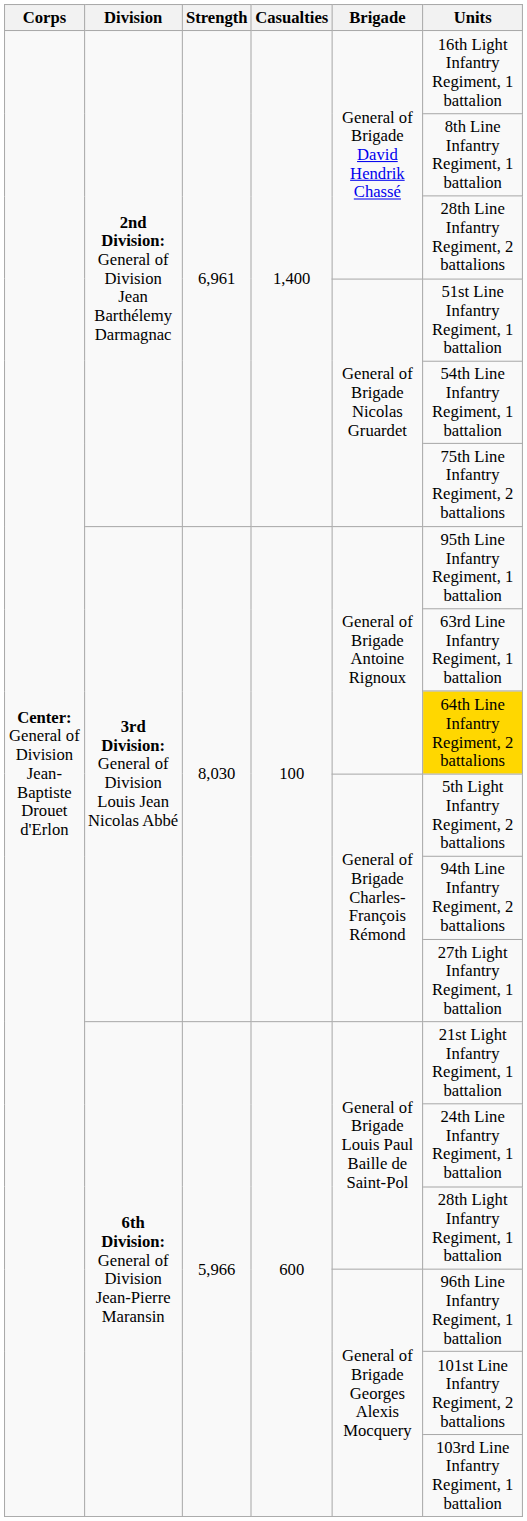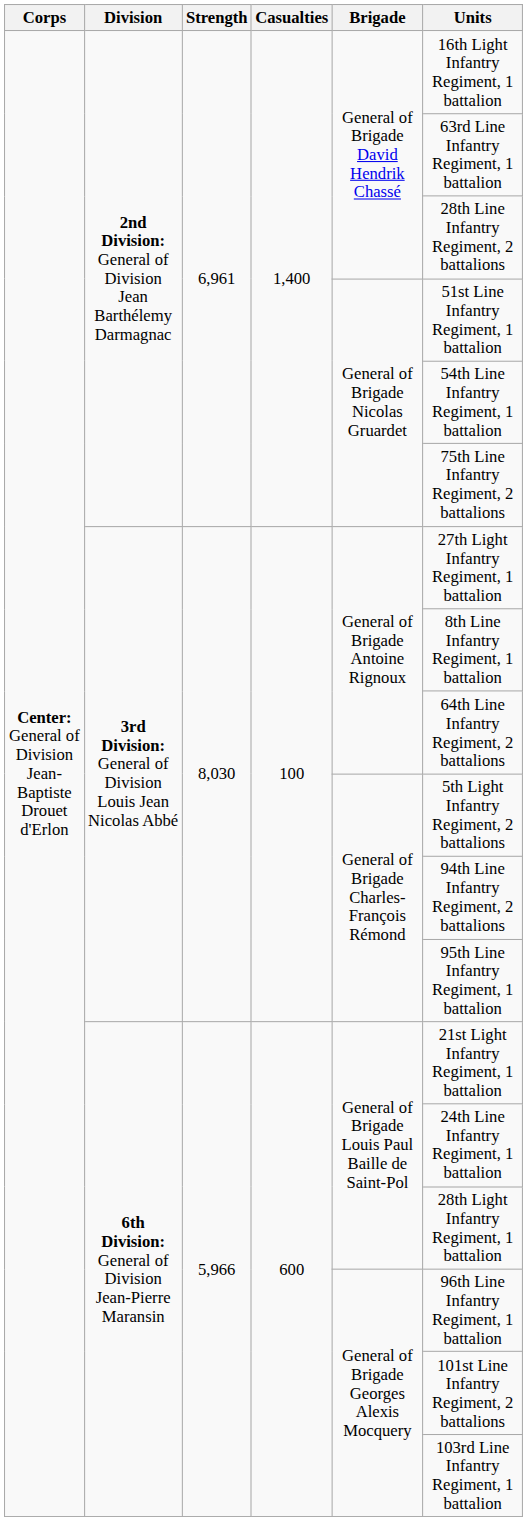 <table class="wikitable" style="text-align:center; width:80%;">
 <tr>
 <th>Corps</th>
 <th>Division</th>
 <th>Strength</th>
 <th>Casualties</th>
 <th>Brigade</th>
 <th>Units</th>
 </tr>
 <tr>
 <td ROWSPAN=18><strong>Center:</strong><br>General of Division<br>Jean-Baptiste Drouet d'Erlon</td>
 <td ROWSPAN=6><strong>2nd Division:</strong><br>General of Division<br>Jean Barthélemy Darmagnac</td>
 <td ROWSPAN=6>6,961</td>
 <td ROWSPAN=6>1,400</td>
 <td ROWSPAN=3>General of Brigade<br><a href='#'>David Hendrik Chassé</a></td>
 <td>16th Light Infantry Regiment, 1 battalion</td>
 </tr>
 <tr>
-<td>8th Line Infantry Regiment, 1 battalion</td>
+<td>63rd Line Infantry Regiment, 1 battalion</td>
 </tr>
 <tr>
 <td>28th Line Infantry Regiment, 2 battalions</td>
 </tr>
 <tr>
 <td ROWSPAN=3>General of Brigade<br>Nicolas Gruardet</td>
 <td>51st Line Infantry Regiment, 1 battalion</td>
 </tr>
 <tr>
 <td>54th Line Infantry Regiment, 1 battalion</td>
 </tr>
 <tr>
 <td>75th Line Infantry Regiment, 2 battalions</td>
 </tr>
 <tr>
 <td ROWSPAN=6><strong>3rd Division:</strong><br>General of Division<br>Louis Jean Nicolas Abbé</td>
 <td ROWSPAN=6>8,030</td>
 <td ROWSPAN=6>100</td>
 <td ROWSPAN=3>General of Brigade<br>Antoine Rignoux</td>
-<td>95th Line Infantry Regiment, 1 battalion</td>
+<td>27th Light Infantry Regiment, 1 battalion</td>
 </tr>
 <tr>
-<td>63rd Line Infantry Regiment, 1 battalion</td>
+<td>8th Line Infantry Regiment, 1 battalion</td>
 </tr>
 <tr>
-<td style="background: gold;">64th Line Infantry Regiment, 2 battalions</td>
+<td>64th Line Infantry Regiment, 2 battalions</td>
 </tr>
 <tr>
 <td ROWSPAN=3>General of Brigade<br>Charles-François Rémond</td>
 <td>5th Light Infantry Regiment, 2 battalions</td>
 </tr>
 <tr>
 <td>94th Line Infantry Regiment, 2 battalions</td>
 </tr>
 <tr>
-<td>27th Light Infantry Regiment, 1 battalion</td>
+<td>95th Line Infantry Regiment, 1 battalion</td>
 </tr>
 <tr>
 <td ROWSPAN=6><strong>6th Division:</strong><br>General of Division<br>Jean-Pierre Maransin</td>
 <td ROWSPAN=6>5,966</td>
 <td ROWSPAN=6>600</td>
 <td ROWSPAN=3>General of Brigade<br>Louis Paul Baille de Saint-Pol</td>
 <td>21st Light Infantry Regiment, 1 battalion</td>
 </tr>
 <tr>
 <td>24th Line Infantry Regiment, 1 battalion</td>
 </tr>
 <tr>
 <td>28th Light Infantry Regiment, 1 battalion</td>
 </tr>
 <tr>
 <td ROWSPAN=3>General of Brigade<br>Georges Alexis Mocquery</td>
 <td>96th Line Infantry Regiment, 1 battalion</td>
 </tr>
 <tr>
 <td>101st Line Infantry Regiment, 2 battalions</td>
 </tr>
 <tr>
 <td>103rd Line Infantry Regiment, 1 battalion</td>
 </tr>
 <tr>
 </tr>
 </table>
